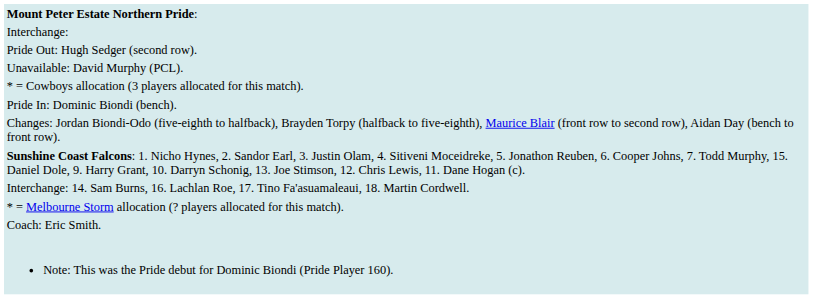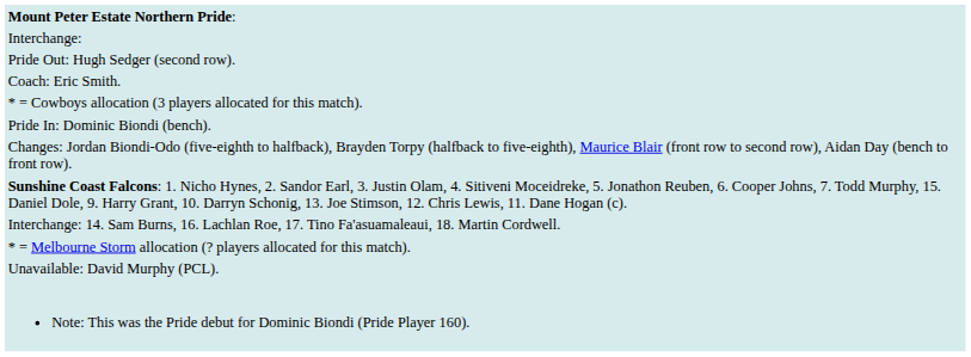 <table style="background:#d7ebed; font-size:85%; width:100%;">
 <tr>
 <td><strong>Mount Peter Estate Northern Pride</strong>:             </td>
 </tr>
 <tr>
 <td>Interchange:    </td>
 </tr>
 <tr>
 <td>Pride Out: Hugh Sedger (second row).</td>
 </tr>
 <tr>
-<td>Unavailable: David Murphy (PCL).</td>
+<td>Coach: Eric Smith.</td>
 </tr>
 <tr>
 <td>* = Cowboys allocation (3 players allocated for this match).</td>
 </tr>
 <tr>
 <td>Pride In: Dominic Biondi (bench).</td>
 </tr>
 <tr>
 <td>Changes: Jordan Biondi-Odo (five-eighth to halfback), Brayden Torpy (halfback to five-eighth), <a href='#'>Maurice Blair</a> (front row to second row), Aidan Day (bench to front row).</td>
 </tr>
 <tr>
 <td><strong>Sunshine Coast Falcons</strong>: 1. Nicho Hynes, 2. Sandor Earl, 3. Justin Olam, 4. Sitiveni Moceidreke, 5. Jonathon Reuben, 6. Cooper Johns, 7. Todd Murphy, 15. Daniel Dole, 9. Harry Grant, 10. Darryn Schonig, 13. Joe Stimson, 12. Chris Lewis, 11. Dane Hogan (c).</td>
 </tr>
 <tr>
 <td>Interchange: 14. Sam Burns, 16. Lachlan Roe, 17. Tino Fa'asuamaleaui, 18. Martin Cordwell.</td>
 </tr>
 <tr>
 <td>* = <a href='#'>Melbourne Storm</a> allocation (? players allocated for this match).</td>
 </tr>
 <tr>
-<td>Coach: Eric Smith.</td>
+<td>Unavailable: David Murphy (PCL).</td>
 </tr>
 <tr>
 <td><br><ul><li>Note: This was the Pride debut for Dominic Biondi (Pride Player 160).</li></ul></td>
 </tr>
 <tr>
 </tr>
 </table>
